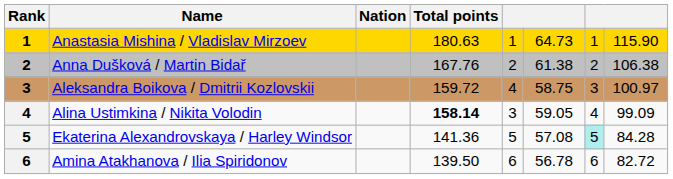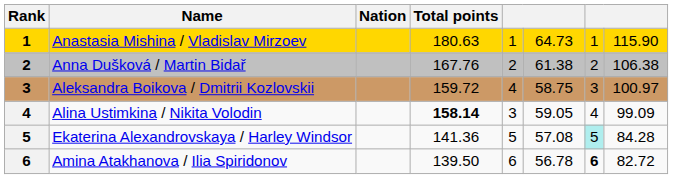 <table class="wikitable sortable">
 <tr>
 <th>Rank</th>
 <th>Name</th>
 <th>Nation</th>
 <th>Total points</th>
 <th colspan="2" width="80px"></th>
 <th colspan="2" width="80px"></th>
 </tr>
 <tr bgcolor="gold">
 <td align="center"><strong>1</strong></td>
 <td><a href='#'>Anastasia Mishina</a> / <a href='#'>Vladislav Mirzoev</a></td>
 <td></td>
 <td align="center">180.63</td>
 <td align="center">1</td>
 <td align="center">64.73</td>
 <td align="center">1</td>
 <td align="center">115.90</td>
 </tr>
 <tr bgcolor="silver">
 <td align="center"><strong>2</strong></td>
 <td><a href='#'>Anna Dušková</a> / <a href='#'>Martin Bidař</a></td>
 <td></td>
 <td align="center">167.76</td>
 <td align="center">2</td>
 <td align="center">61.38</td>
 <td align="center">2</td>
 <td align="center">106.38</td>
 </tr>
 <tr bgcolor="cc9966">
 <td align="center"><strong>3</strong></td>
 <td><a href='#'>Aleksandra Boikova</a> / <a href='#'>Dmitrii Kozlovskii</a></td>
 <td></td>
 <td align="center">159.72</td>
 <td align="center">4</td>
 <td align="center">58.75</td>
 <td align="center">3</td>
 <td align="center">100.97</td>
 </tr>
 <tr>
 <th>4</th>
 <td><a href='#'>Alina Ustimkina</a> / <a href='#'>Nikita Volodin</a></td>
 <td></td>
 <td align="center"><strong>158.14</strong></td>
 <td align="center">3</td>
 <td align="center">59.05</td>
 <td align="center">4</td>
 <td align="center">99.09</td>
 </tr>
 <tr>
 <th>5</th>
 <td><a href='#'>Ekaterina Alexandrovskaya</a> / <a href='#'>Harley Windsor</a></td>
 <td></td>
 <td align="center">141.36</td>
 <td align="center">5</td>
 <td align="center">57.08</td>
 <td align="center" style="background: paleturquoise;">5</td>
 <td align="center">84.28</td>
 </tr>
 <tr>
 <th>6</th>
 <td><a href='#'>Amina Atakhanova</a> / <a href='#'>Ilia Spiridonov</a></td>
 <td></td>
 <td align="center">139.50</td>
 <td align="center">6</td>
 <td align="center">56.78</td>
-<td align="center">6</td>
+<td align="center"><strong>6</strong></td>
 <td align="center">82.72</td>
 </tr>
 </table>
